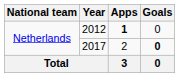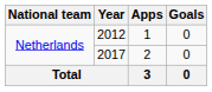 <table class="wikitable" style="text-align:center">
 <tr>
 <th>National team</th>
 <th>Year</th>
 <th>Apps</th>
 <th>Goals</th>
 </tr>
 <tr>
 <td rowspan="2"><a href='#'>Netherlands</a></td>
 <td>2012</td>
-<td><strong>1</strong></td>
+<td>1</td>
 <td>0</td>
 </tr>
 <tr>
 <td>2017</td>
 <td>2</td>
-<td><strong>0</strong></td>
+<td>0</td>
 </tr>
 <tr>
 <th colspan="2">Total</th>
 <th>3</th>
 <th>0</th>
 </tr>
 </table>
